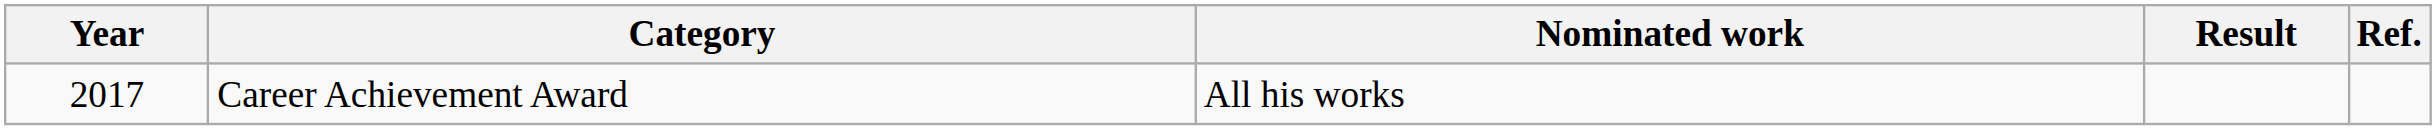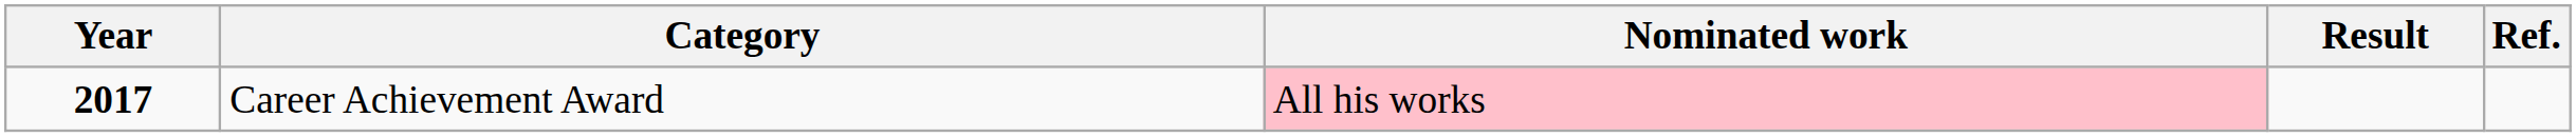 <table class="wikitable">
 <tr>
 <th scope="col" style="width:5em;">Year</th>
 <th scope="col" style="width:26em;">Category</th>
 <th scope="col" style="width:25em;">Nominated work</th>
 <th scope="col" style="width:5em;">Result</th>
 <th>Ref.</th>
 </tr>
 <tr>
-<td style="text-align:center;">2017</td>
+<td style="text-align:center;"><strong>2017</strong></td>
 <td>Career Achievement Award</td>
-<td>All his works</td>
+<td style="background: pink;">All his works</td>
 <td></td>
 <td></td>
 </tr>
 </table>
